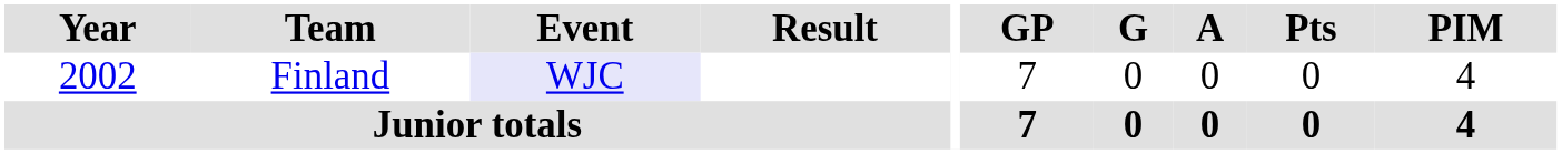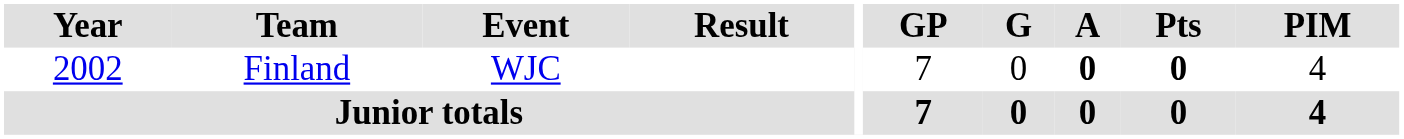 <table border="0" cellpadding="1" cellspacing="0" ID="Table3" style="text-align:center; width:40em">
 <tr ALIGN="center" bgcolor="#e0e0e0">
 <th>Year</th>
 <th>Team</th>
 <th>Event</th>
 <th>Result</th>
 <th rowspan="99" bgcolor="#ffffff"></th>
 <th>GP</th>
 <th>G</th>
 <th>A</th>
 <th>Pts</th>
 <th>PIM</th>
 </tr>
 <tr>
 <td><a href='#'>2002</a></td>
 <td><a href='#'>Finland</a></td>
-<td style="background: lavender;"><a href='#'>WJC</a></td>
+<td><a href='#'>WJC</a></td>
 <td></td>
 <td>7</td>
 <td>0</td>
-<td>0</td>
-<td>0</td>
+<td><strong>0</strong></td>
+<td><strong>0</strong></td>
 <td>4</td>
 </tr>
 <tr bgcolor="#e0e0e0">
 <th colspan="4">Junior totals</th>
 <th>7</th>
 <th>0</th>
 <th>0</th>
 <th>0</th>
 <th>4</th>
 </tr>
 </table>
